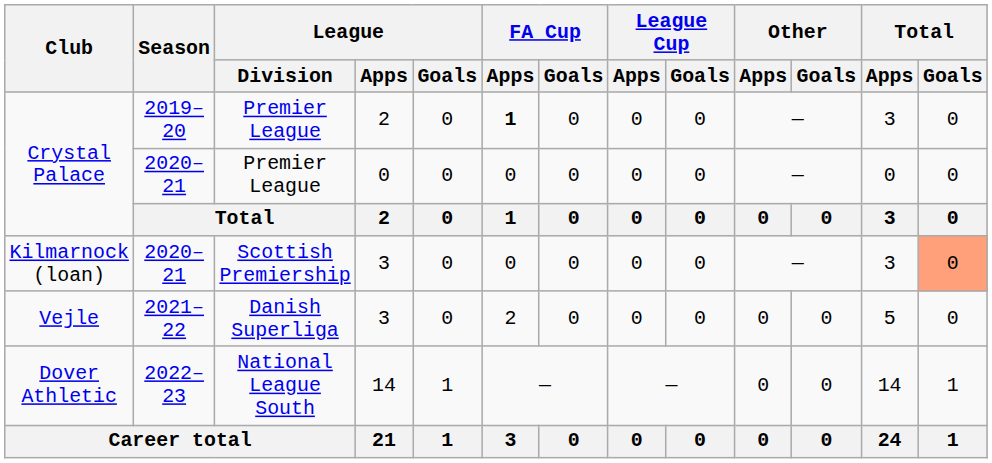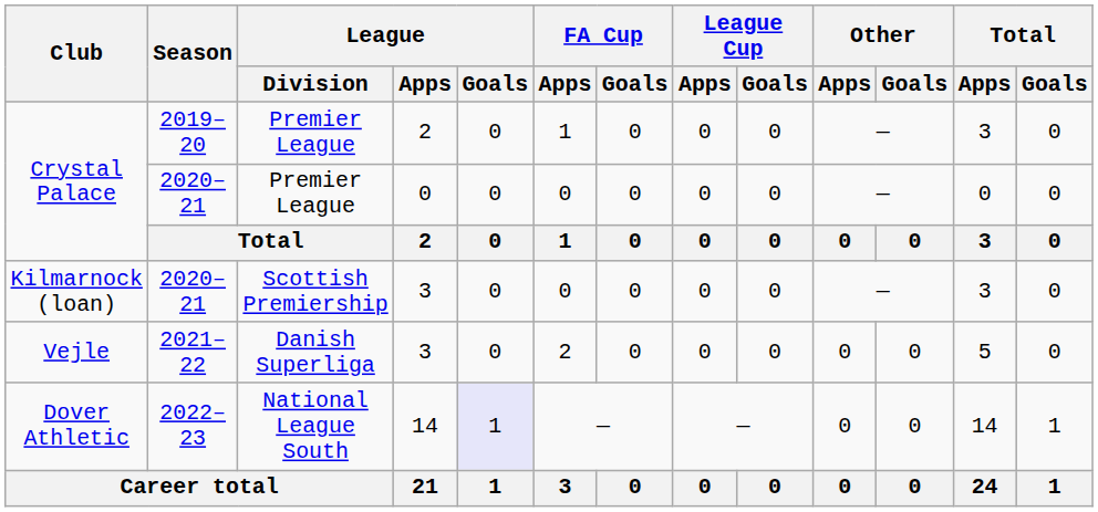 <table class="wikitable" style="text-align: center;">
 <tr>
 <th rowspan="2">Club</th>
 <th rowspan="2">Season</th>
 <th colspan="3">League</th>
 <th colspan="2"><a href='#'>FA Cup</a></th>
 <th colspan="2"><a href='#'>League Cup</a></th>
 <th colspan="2">Other</th>
 <th colspan="2">Total</th>
 </tr>
 <tr>
 <th>Division</th>
 <th>Apps</th>
 <th>Goals</th>
 <th>Apps</th>
 <th>Goals</th>
 <th>Apps</th>
 <th>Goals</th>
 <th>Apps</th>
 <th>Goals</th>
 <th>Apps</th>
 <th>Goals</th>
 </tr>
 <tr>
 <td rowspan="3"><a href='#'>Crystal Palace</a></td>
 <td><a href='#'>2019–20</a></td>
 <td><a href='#'>Premier League</a></td>
 <td>2</td>
 <td>0</td>
-<td><strong>1</strong></td>
+<td>1</td>
 <td>0</td>
 <td>0</td>
 <td>0</td>
 <td colspan="2">—</td>
 <td>3</td>
 <td>0</td>
 </tr>
 <tr>
 <td><a href='#'>2020–21</a></td>
 <td>Premier League</td>
 <td>0</td>
 <td>0</td>
 <td>0</td>
 <td>0</td>
 <td>0</td>
 <td>0</td>
 <td colspan="2">—</td>
 <td>0</td>
 <td>0</td>
 </tr>
 <tr>
 <th colspan=2>Total</th>
 <th>2</th>
 <th>0</th>
 <th>1</th>
 <th>0</th>
 <th>0</th>
 <th>0</th>
 <th>0</th>
 <th>0</th>
 <th>3</th>
 <th>0</th>
 </tr>
 <tr>
 <td><a href='#'>Kilmarnock</a> (loan)</td>
 <td><a href='#'>2020–21</a></td>
 <td><a href='#'>Scottish Premiership</a></td>
 <td>3</td>
 <td>0</td>
 <td>0</td>
 <td>0</td>
 <td>0</td>
 <td>0</td>
 <td colspan=2>—</td>
 <td>3</td>
-<td style="background: lightsalmon;">0</td>
+<td>0</td>
 </tr>
 <tr>
 <td><a href='#'>Vejle</a></td>
 <td><a href='#'>2021–22</a></td>
 <td><a href='#'>Danish Superliga</a></td>
 <td>3</td>
 <td>0</td>
 <td>2</td>
 <td>0</td>
 <td>0</td>
 <td>0</td>
 <td>0</td>
 <td>0</td>
 <td>5</td>
 <td>0</td>
 </tr>
 <tr>
 <td><a href='#'>Dover Athletic</a></td>
 <td><a href='#'>2022–23</a></td>
 <td><a href='#'>National League South</a></td>
 <td>14</td>
-<td>1</td>
+<td style="background: lavender;">1</td>
 <td colspan="2">—</td>
 <td colspan="2">—</td>
 <td>0</td>
 <td>0</td>
 <td>14</td>
 <td>1</td>
 </tr>
 <tr>
 <th colspan=3>Career total</th>
 <th>21</th>
 <th>1</th>
 <th>3</th>
 <th>0</th>
 <th>0</th>
 <th>0</th>
 <th>0</th>
 <th>0</th>
 <th>24</th>
 <th>1</th>
 </tr>
 </table>
